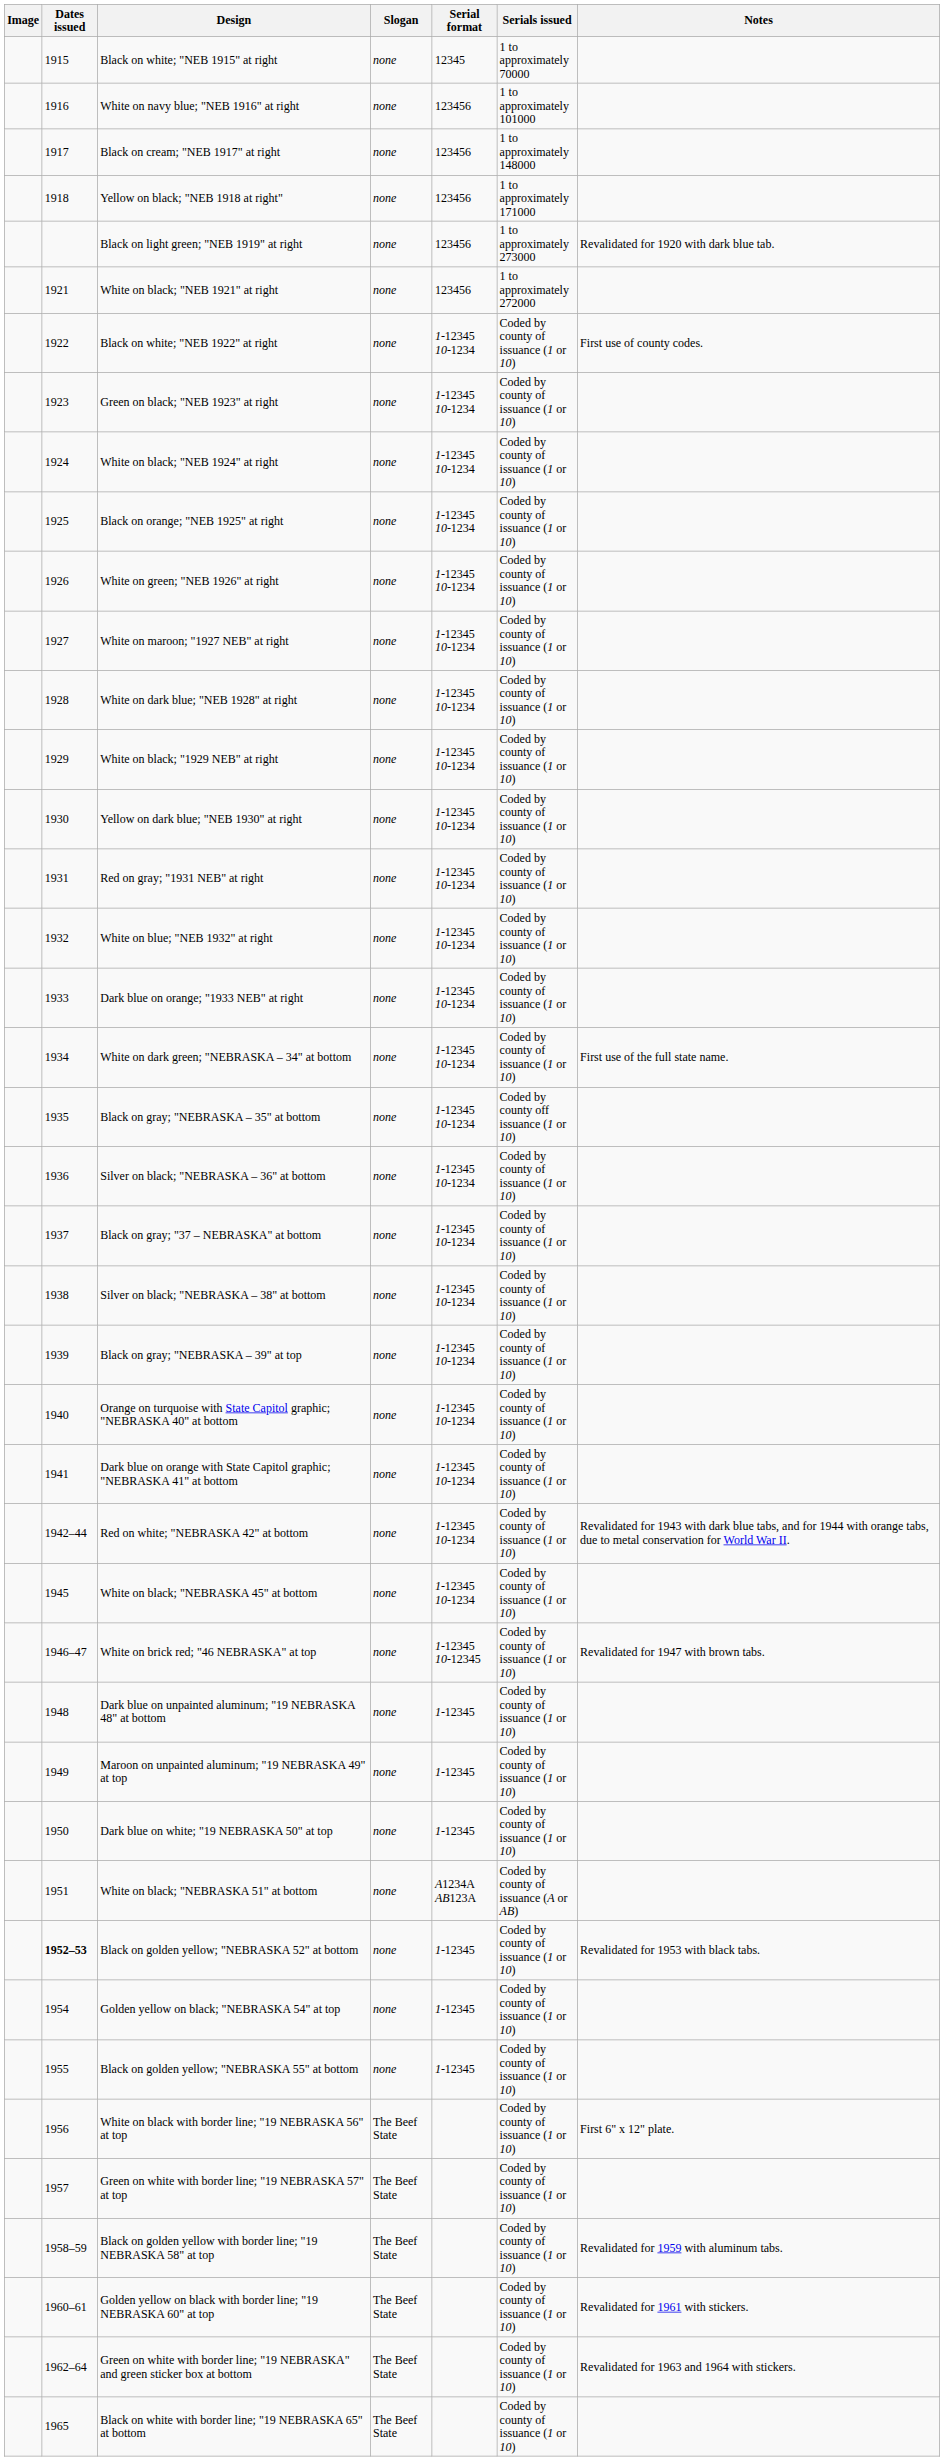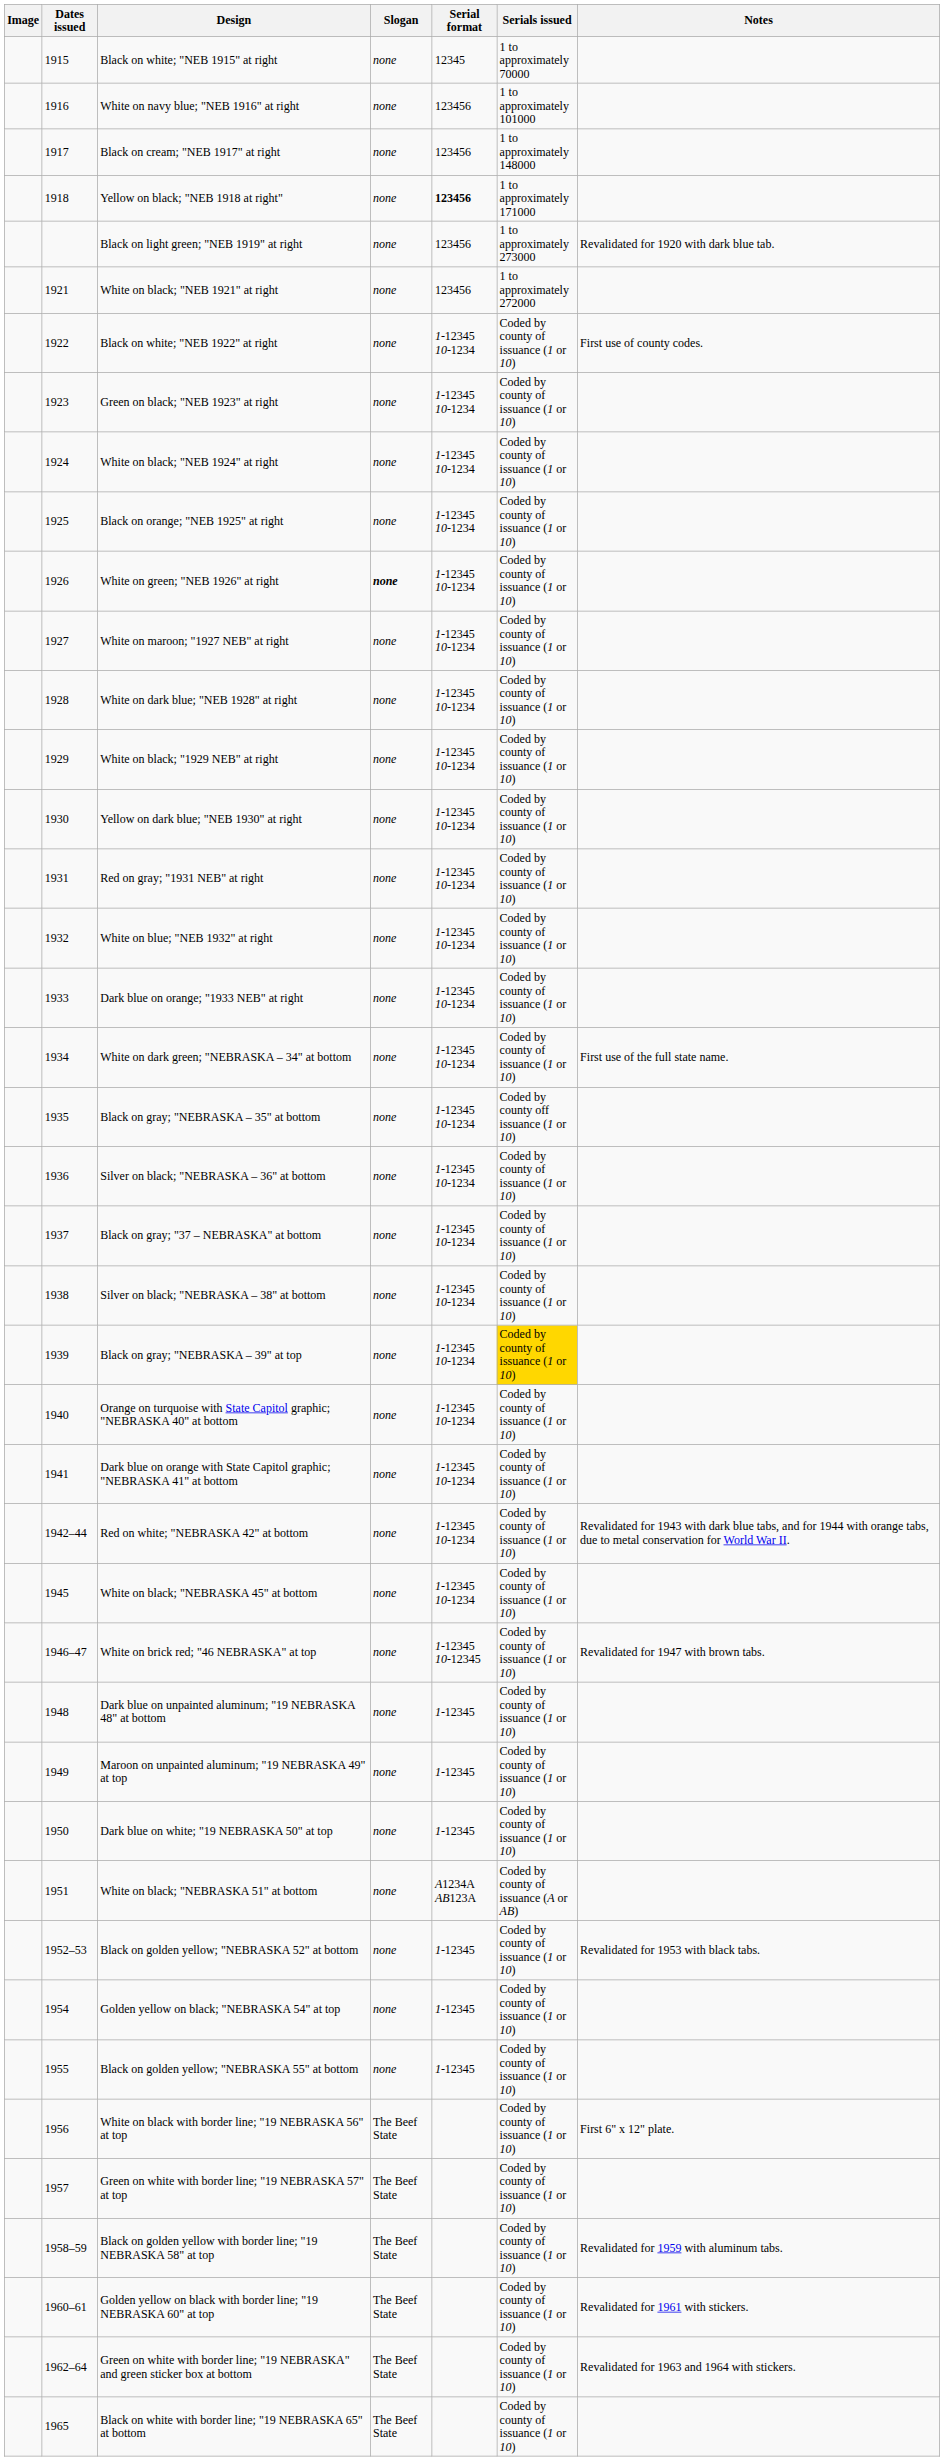 <table class="wikitable">
 <tr>
 <th>Image</th>
 <th>Dates issued</th>
 <th>Design</th>
 <th>Slogan</th>
 <th>Serial format</th>
 <th style="width:100px;">Serials issued</th>
 <th>Notes</th>
 </tr>
 <tr>
 <td></td>
 <td>1915</td>
 <td>Black on white; "NEB 1915" at right</td>
 <td><em>none</em></td>
 <td>12345</td>
 <td>1 to approximately 70000</td>
 <td></td>
 </tr>
 <tr>
 <td></td>
 <td>1916</td>
 <td>White on navy blue; "NEB 1916" at right</td>
 <td><em>none</em></td>
 <td>123456</td>
 <td>1 to approximately 101000</td>
 <td></td>
 </tr>
 <tr>
 <td></td>
 <td>1917</td>
 <td>Black on cream; "NEB 1917" at right</td>
 <td><em>none</em></td>
 <td>123456</td>
 <td>1 to approximately 148000</td>
 <td></td>
 </tr>
 <tr>
 <td></td>
 <td>1918</td>
 <td>Yellow on black; "NEB 1918 at right"</td>
 <td><em>none</em></td>
-<td>123456</td>
+<td><strong>123456</strong></td>
 <td>1 to approximately 171000</td>
 <td></td>
 </tr>
 <tr>
 <td></td>
 <td></td>
 <td>Black on light green; "NEB 1919" at right</td>
 <td><em>none</em></td>
 <td>123456</td>
 <td>1 to approximately 273000</td>
 <td>Revalidated for 1920 with dark blue tab.<br></td>
 </tr>
 <tr>
 <td></td>
 <td>1921</td>
 <td>White on black; "NEB 1921" at right</td>
 <td><em>none</em></td>
 <td>123456</td>
 <td>1 to approximately 272000</td>
 <td></td>
 </tr>
 <tr>
 <td></td>
 <td>1922</td>
 <td>Black on white; "NEB 1922" at right</td>
 <td><em>none</em></td>
 <td><em>1</em>-12345<br><em>10</em>-1234</td>
 <td>Coded by county of issuance (<em>1</em> or <em>10</em>)</td>
 <td>First use of county codes.</td>
 </tr>
 <tr>
 <td></td>
 <td>1923</td>
 <td>Green on black; "NEB 1923" at right</td>
 <td><em>none</em></td>
 <td><em>1</em>-12345<br><em>10</em>-1234</td>
 <td>Coded by county of issuance (<em>1</em> or <em>10</em>)</td>
 <td></td>
 </tr>
 <tr>
 <td></td>
 <td>1924</td>
 <td>White on black; "NEB 1924" at right</td>
 <td><em>none</em></td>
 <td><em>1</em>-12345<br><em>10</em>-1234</td>
 <td>Coded by county of issuance (<em>1</em> or <em>10</em>)</td>
 <td></td>
 </tr>
 <tr>
 <td></td>
 <td>1925</td>
 <td>Black on orange; "NEB 1925" at right</td>
 <td><em>none</em></td>
 <td><em>1</em>-12345<br><em>10</em>-1234</td>
 <td>Coded by county of issuance (<em>1</em> or <em>10</em>)</td>
 <td></td>
 </tr>
 <tr>
 <td></td>
 <td>1926</td>
 <td>White on green; "NEB 1926" at right</td>
-<td><em>none</em></td>
+<td><strong><em>none</em></strong></td>
 <td><em>1</em>-12345<br><em>10</em>-1234</td>
 <td>Coded by county of issuance (<em>1</em> or <em>10</em>)</td>
 <td></td>
 </tr>
 <tr>
 <td></td>
 <td>1927</td>
 <td>White on maroon; "1927 NEB" at right</td>
 <td><em>none</em></td>
 <td><em>1</em>-12345<br><em>10</em>-1234</td>
 <td>Coded by county of issuance (<em>1</em> or <em>10</em>)</td>
 <td></td>
 </tr>
 <tr>
 <td></td>
 <td>1928</td>
 <td>White on dark blue; "NEB 1928" at right</td>
 <td><em>none</em></td>
 <td><em>1</em>-12345<br><em>10</em>-1234</td>
 <td>Coded by county of issuance (<em>1</em>  or <em>10</em>)</td>
 <td></td>
 </tr>
 <tr>
 <td></td>
 <td>1929</td>
 <td>White on black; "1929 NEB" at right</td>
 <td><em>none</em></td>
 <td><em>1</em>-12345<br><em>10</em>-1234</td>
 <td>Coded by county of issuance (<em>1</em> or <em>10</em>)</td>
 <td></td>
 </tr>
 <tr>
 <td></td>
 <td>1930</td>
 <td>Yellow on dark blue; "NEB 1930" at right</td>
 <td><em>none</em></td>
 <td><em>1</em>-12345<br><em>10</em>-1234</td>
 <td>Coded by county of issuance (<em>1</em> or <em>10</em>)</td>
 <td></td>
 </tr>
 <tr>
 <td></td>
 <td>1931</td>
 <td>Red on gray; "1931 NEB" at right</td>
 <td><em>none</em></td>
 <td><em>1</em>-12345<br><em>10</em>-1234</td>
 <td>Coded by county of issuance (<em>1</em> or <em>10</em>)</td>
 <td></td>
 </tr>
 <tr>
 <td></td>
 <td>1932</td>
 <td>White on blue; "NEB 1932" at right</td>
 <td><em>none</em></td>
 <td><em>1</em>-12345<br><em>10</em>-1234</td>
 <td>Coded by county of issuance (<em>1</em> or <em>10</em>)</td>
 <td></td>
 </tr>
 <tr>
 <td></td>
 <td>1933</td>
 <td>Dark blue on orange; "1933 NEB" at right</td>
 <td><em>none</em></td>
 <td><em>1</em>-12345<br><em>10</em>-1234</td>
 <td>Coded by county of issuance (<em>1</em>  or <em>10</em>)</td>
 <td></td>
 </tr>
 <tr>
 <td></td>
 <td>1934</td>
 <td>White on dark green; "NEBRASKA – 34" at bottom</td>
 <td><em>none</em></td>
 <td><em>1</em>-12345<br><em>10</em>-1234</td>
 <td>Coded by county of issuance (<em>1</em>  or <em>10</em>)</td>
 <td>First use of the full state name.</td>
 </tr>
 <tr>
 <td></td>
 <td>1935</td>
 <td>Black on gray; "NEBRASKA – 35" at bottom</td>
 <td><em>none</em></td>
 <td><em>1</em>-12345<br><em>10</em>-1234</td>
 <td>Coded by county off issuance (<em>1</em> or <em>10</em>)</td>
 <td></td>
 </tr>
 <tr>
 <td></td>
 <td>1936</td>
 <td>Silver on black; "NEBRASKA – 36" at bottom</td>
 <td><em>none</em></td>
 <td><em>1</em>-12345<br><em>10</em>-1234</td>
 <td>Coded by county of issuance (<em>1</em> or <em>10</em>)</td>
 <td></td>
 </tr>
 <tr>
 <td></td>
 <td>1937</td>
 <td>Black on gray; "37 – NEBRASKA" at bottom</td>
 <td><em>none</em></td>
 <td><em>1</em>-12345<br><em>10</em>-1234</td>
 <td>Coded by county of issuance (<em>1</em> or <em>10</em>)</td>
 <td></td>
 </tr>
 <tr>
 <td></td>
 <td>1938</td>
 <td>Silver on black; "NEBRASKA – 38" at bottom</td>
 <td><em>none</em></td>
 <td><em>1</em>-12345<br><em>10</em>-1234</td>
 <td>Coded by county of issuance (<em>1</em>  or <em>10</em>)</td>
 <td></td>
 </tr>
 <tr>
 <td></td>
 <td>1939</td>
 <td>Black on gray; "NEBRASKA – 39" at top</td>
 <td><em>none</em></td>
 <td><em>1</em>-12345<br><em>10</em>-1234</td>
-<td>Coded by county of issuance (<em>1</em> or <em>10</em>)</td>
+<td style="background: gold;">Coded by county of issuance (<em>1</em> or <em>10</em>)</td>
 <td></td>
 </tr>
 <tr>
 <td></td>
 <td>1940</td>
 <td>Orange on turquoise with <a href='#'>State Capitol</a> graphic; "NEBRASKA 40" at bottom</td>
 <td><em>none</em></td>
 <td><em>1</em>-12345<br><em>10</em>-1234</td>
 <td>Coded by county of issuance (<em>1</em> or <em>10</em>)</td>
 <td></td>
 </tr>
 <tr>
 <td></td>
 <td>1941</td>
 <td>Dark blue on orange with State Capitol graphic; "NEBRASKA 41" at bottom</td>
 <td><em>none</em></td>
 <td><em>1</em>-12345<br><em>10</em>-1234</td>
 <td>Coded by county of issuance (<em>1</em> or <em>10</em>)</td>
 <td></td>
 </tr>
 <tr>
 <td></td>
 <td>1942–44</td>
 <td>Red on white; "NEBRASKA 42" at bottom</td>
 <td><em>none</em></td>
 <td><em>1</em>-12345<br><em>10</em>-1234</td>
 <td>Coded by county of issuance (<em>1</em> or <em>10</em>)</td>
 <td>Revalidated for 1943 with dark blue tabs, and for 1944 with orange tabs, due to metal conservation for <a href='#'>World War II</a>.</td>
 </tr>
 <tr>
 <td></td>
 <td>1945</td>
 <td>White on black; "NEBRASKA 45" at bottom</td>
 <td><em>none</em></td>
 <td><em>1</em>-12345<br><em>10</em>-1234</td>
 <td>Coded by county of issuance (<em>1</em> or <em>10</em>)</td>
 <td></td>
 </tr>
 <tr>
 <td><br></td>
 <td>1946–47</td>
 <td>White on brick red; "46 NEBRASKA" at top</td>
 <td><em>none</em></td>
 <td><em>1</em>-12345<br><em>10</em>-12345</td>
 <td>Coded by county of issuance (<em>1</em>  or <em>10</em>)</td>
 <td>Revalidated for 1947 with brown tabs.</td>
 </tr>
 <tr>
 <td></td>
 <td>1948</td>
 <td>Dark blue on unpainted aluminum; "19 NEBRASKA 48" at bottom</td>
 <td><em>none</em></td>
 <td><em>1</em>-12345<br></td>
 <td>Coded by county of issuance (<em>1</em>  or <em>10</em>)</td>
 <td></td>
 </tr>
 <tr>
 <td></td>
 <td>1949</td>
 <td>Maroon on unpainted aluminum; "19 NEBRASKA 49" at top</td>
 <td><em>none</em></td>
 <td><em>1</em>-12345<br></td>
 <td>Coded by county of issuance (<em>1</em>  or <em>10</em>)</td>
 <td></td>
 </tr>
 <tr>
 <td></td>
 <td>1950</td>
 <td>Dark blue on white; "19 NEBRASKA 50" at top</td>
 <td><em>none</em></td>
 <td><em>1</em>-12345<br></td>
 <td>Coded by county of issuance (<em>1</em>  or <em>10</em>)</td>
 <td></td>
 </tr>
 <tr>
 <td></td>
 <td>1951</td>
 <td>White on black; "NEBRASKA 51" at bottom</td>
 <td><em>none</em></td>
 <td><em>A</em>1234A<br><em>AB</em>123A</td>
 <td>Coded by county of issuance (<em>A</em> or <em>AB</em>)</td>
 <td></td>
 </tr>
 <tr>
 <td><br></td>
-<td><strong>1952–53</strong></td>
+<td>1952–53</td>
 <td>Black on golden yellow; "NEBRASKA 52" at bottom</td>
 <td><em>none</em></td>
 <td><em>1</em>-12345<br></td>
 <td>Coded by county of issuance (<em>1</em>  or <em>10</em>)</td>
 <td>Revalidated for 1953 with black tabs.</td>
 </tr>
 <tr>
 <td></td>
 <td>1954</td>
 <td>Golden yellow on black; "NEBRASKA 54" at top</td>
 <td><em>none</em></td>
 <td><em>1</em>-12345<br></td>
 <td>Coded by county of issuance (<em>1</em>  or <em>10</em>)</td>
 <td></td>
 </tr>
 <tr>
 <td></td>
 <td>1955</td>
 <td>Black on golden yellow; "NEBRASKA 55" at bottom</td>
 <td><em>none</em></td>
 <td><em>1</em>-12345<br></td>
 <td>Coded by county of issuance (<em>1</em>  or <em>10</em>)</td>
 <td></td>
 </tr>
 <tr>
 <td></td>
 <td>1956</td>
 <td>White on black with border line; "19 NEBRASKA 56" at top</td>
 <td>The Beef State</td>
 <td><br></td>
 <td>Coded by county of issuance (<em>1</em>  or <em>10</em>)</td>
 <td>First 6" x 12" plate.</td>
 </tr>
 <tr>
 <td></td>
 <td>1957</td>
 <td>Green on white with border line; "19 NEBRASKA 57" at top</td>
 <td>The Beef State</td>
 <td><br></td>
 <td>Coded by county of issuance (<em>1</em>  or <em>10</em>)</td>
 <td></td>
 </tr>
 <tr>
 <td><br></td>
 <td>1958–59</td>
 <td>Black on golden yellow with border line; "19 NEBRASKA 58" at top</td>
 <td>The Beef State</td>
 <td><br></td>
 <td>Coded by county of issuance (<em>1</em>  or <em>10</em>)</td>
 <td>Revalidated for <a href='#'>1959</a> with aluminum tabs.</td>
 </tr>
 <tr>
 <td></td>
 <td>1960–61</td>
 <td>Golden yellow on black with border line; "19 NEBRASKA 60" at top</td>
 <td>The Beef State</td>
 <td><br></td>
 <td>Coded by county of issuance (<em>1</em>  or <em>10</em>)</td>
 <td>Revalidated for <a href='#'>1961</a> with stickers.</td>
 </tr>
 <tr>
 <td></td>
 <td>1962–64</td>
 <td>Green on white with border line; "19 NEBRASKA" and green sticker box at bottom</td>
 <td>The Beef State</td>
 <td><br></td>
 <td>Coded by county of issuance (<em>1</em>  or <em>10</em>)</td>
 <td>Revalidated for 1963 and 1964 with stickers.</td>
 </tr>
 <tr>
 <td></td>
 <td>1965</td>
 <td>Black on white with border line; "19 NEBRASKA 65" at bottom</td>
 <td>The Beef State</td>
 <td><br></td>
 <td>Coded by county of issuance (<em>1</em>  or <em>10</em>)</td>
 <td></td>
 </tr>
 </table>
